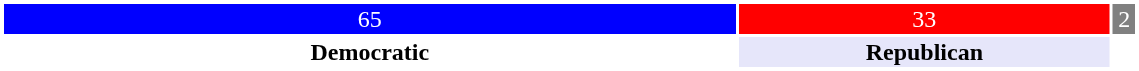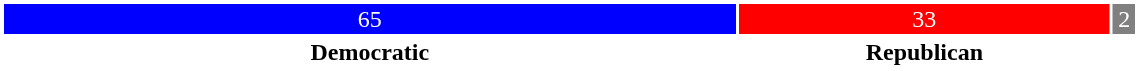 <table style="width:60%; text-align:center;">
 <tr style="color:white;">
 <td style="background:blue; width:65.0%;">65</td>
 <td style="background:red; width:33.0%;">33</td>
 <td style="background:grey; width:2.0%;">2</td>
 </tr>
 <tr>
 <td><span><strong>Democratic</strong></span></td>
-<td style="background: lavender;"><span><strong>Republican</strong></span></td>
+<td><span><strong>Republican</strong></span></td>
 </tr>
 </table>
